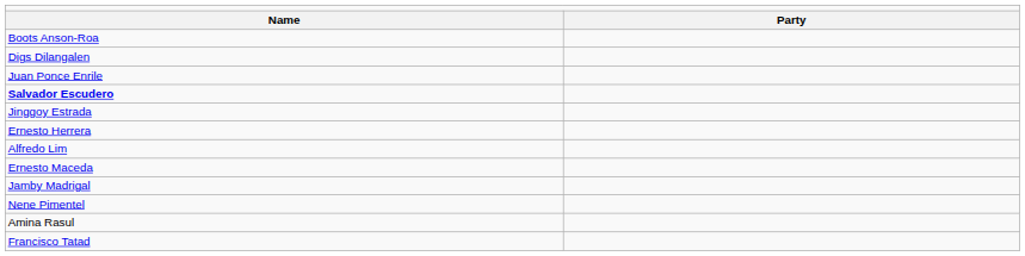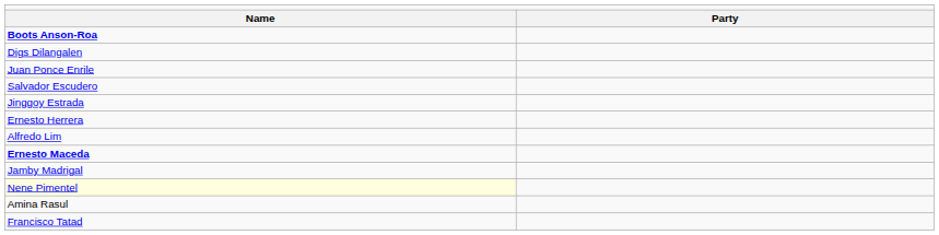 <table class=wikitable style="font-size:90%" width=99%>
 <tr>
 <td colspan=4 bgcolor=></td>
 </tr>
 <tr>
 <th width=55%>Name</th>
 <th colspan=2 width=110px>Party</th>
 </tr>
 <tr>
-<td><a href='#'>Boots Anson-Roa</a></td>
+<td><strong><a href='#'>Boots Anson-Roa</a></strong></td>
 <td></td>
 </tr>
 <tr>
 <td><a href='#'>Digs Dilangalen</a></td>
 <td></td>
 </tr>
 <tr>
 <td><a href='#'>Juan Ponce Enrile</a></td>
 <td></td>
 </tr>
 <tr>
-<td><strong><a href='#'>Salvador Escudero</a></strong></td>
+<td><a href='#'>Salvador Escudero</a></td>
 <td></td>
 </tr>
 <tr>
 <td><a href='#'>Jinggoy Estrada</a></td>
 <td></td>
 </tr>
 <tr>
 <td><a href='#'>Ernesto Herrera</a></td>
 <td></td>
 </tr>
 <tr>
 <td><a href='#'>Alfredo Lim</a></td>
 <td></td>
 </tr>
 <tr>
-<td><a href='#'>Ernesto Maceda</a></td>
+<td><strong><a href='#'>Ernesto Maceda</a></strong></td>
 <td></td>
 </tr>
 <tr>
 <td><a href='#'>Jamby Madrigal</a></td>
 <td></td>
 </tr>
 <tr>
-<td><a href='#'>Nene Pimentel</a></td>
+<td style="background: lightyellow;"><a href='#'>Nene Pimentel</a></td>
 <td></td>
 </tr>
 <tr>
 <td>Amina Rasul</td>
 <td></td>
 </tr>
 <tr>
 <td><a href='#'>Francisco Tatad</a></td>
 <td></td>
 </tr>
 </table>
